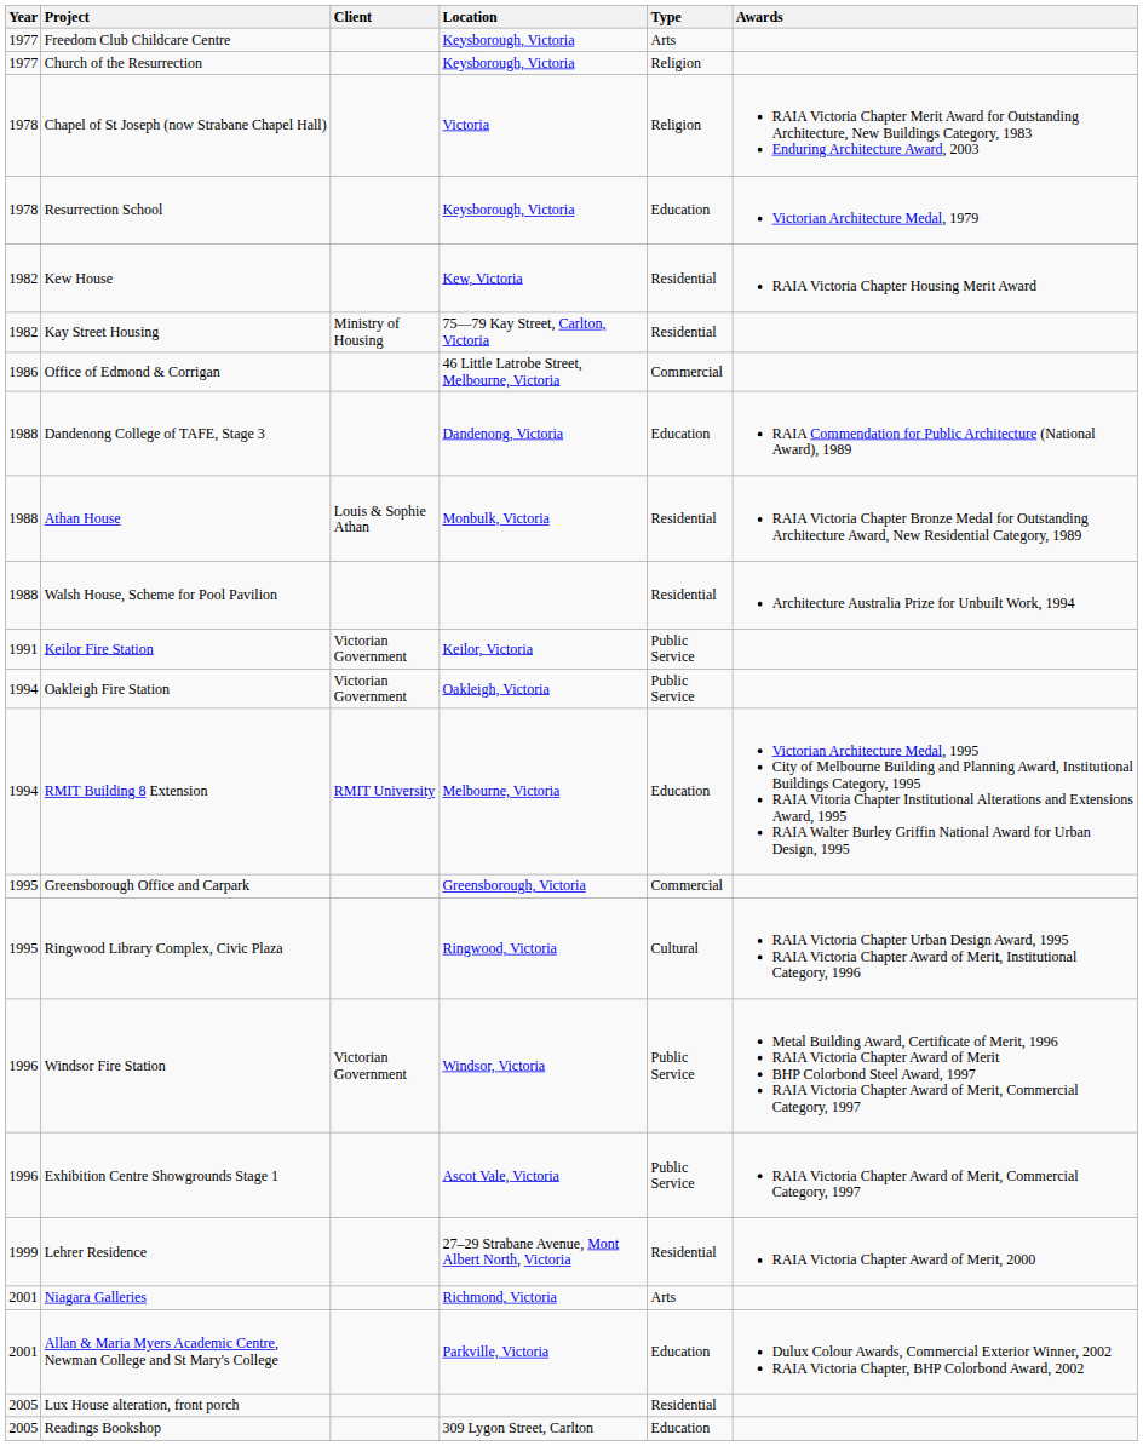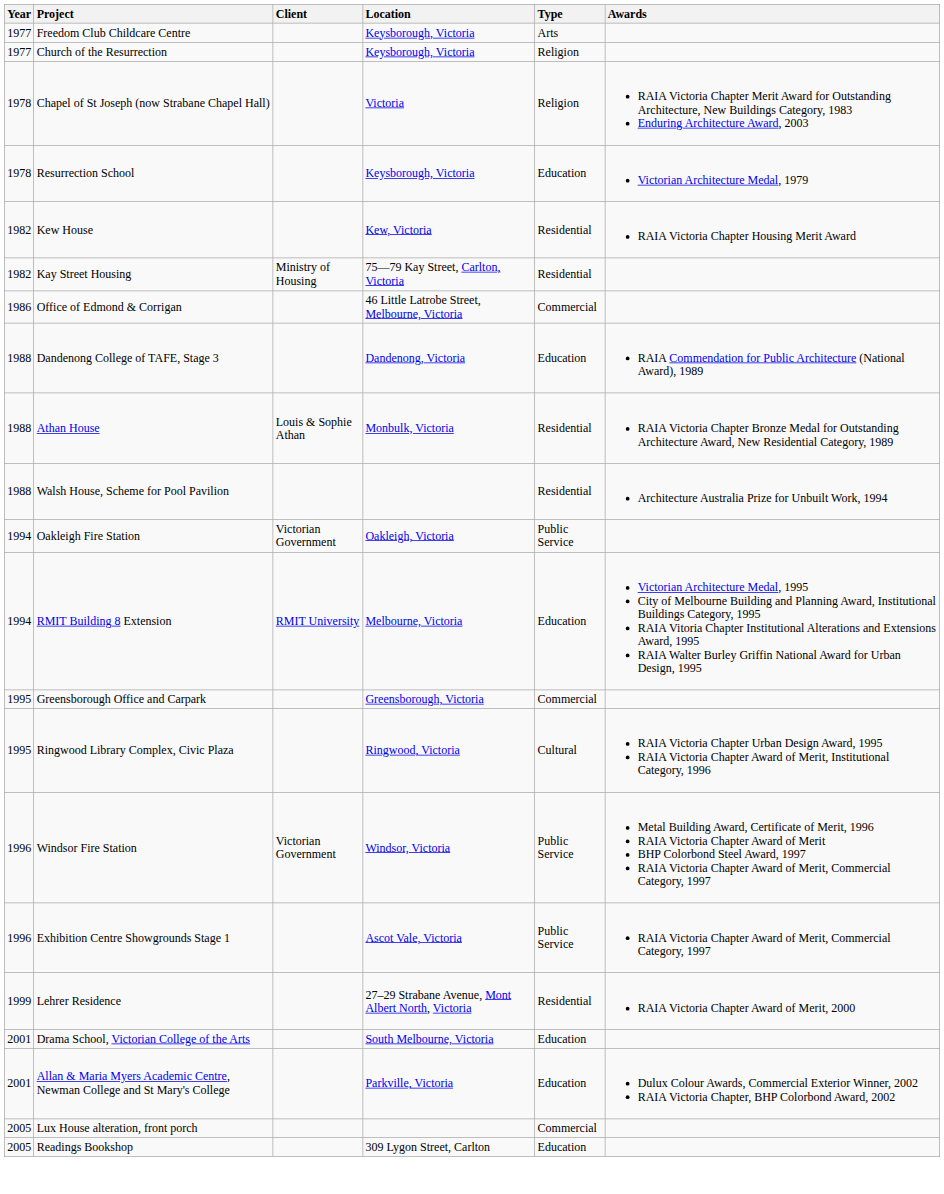 <table class="wikitable sortable">
 <tr>
 <th style="text-align:left;">Year</th>
 <th style="text-align:left;">Project</th>
 <th style="text-align:left;">Client</th>
 <th style="text-align:left;">Location</th>
 <th style="text-align:left;">Type</th>
 <th style="text-align:left;">Awards</th>
 </tr>
 <tr>
 <td>1977</td>
 <td style="text-align:left;">Freedom Club Childcare Centre</td>
 <td style="text-align:left;"></td>
 <td><a href='#'>Keysborough, Victoria</a></td>
 <td>Arts</td>
 <td></td>
 </tr>
 <tr>
 <td>1977</td>
 <td style="text-align:left;">Church of the Resurrection</td>
 <td style="text-align:left;"></td>
 <td><a href='#'>Keysborough, Victoria</a></td>
 <td>Religion</td>
 <td></td>
 </tr>
 <tr>
 <td>1978</td>
 <td style="text-align:left;">Chapel of St Joseph (now Strabane Chapel Hall)</td>
 <td style="text-align:left;"></td>
 <td><a href='#'>Victoria</a></td>
 <td>Religion</td>
 <td><br><ul><li>RAIA Victoria Chapter Merit Award for Outstanding Architecture, New Buildings Category, 1983</li><li><a href='#'>Enduring Architecture Award</a>, 2003</li></ul></td>
 </tr>
 <tr>
 <td>1978</td>
 <td style="text-align:left;">Resurrection School</td>
 <td style="text-align:left;"></td>
 <td><a href='#'>Keysborough, Victoria</a></td>
 <td>Education</td>
 <td><br><ul><li><a href='#'>Victorian Architecture Medal</a>, 1979</li></ul></td>
 </tr>
 <tr>
 <td>1982</td>
 <td style="text-align:left;">Kew House</td>
 <td style="text-align:left;"></td>
 <td><a href='#'>Kew, Victoria</a></td>
 <td>Residential</td>
 <td><br><ul><li>RAIA Victoria Chapter Housing Merit Award</li></ul></td>
 </tr>
 <tr>
 <td>1982</td>
 <td Ministry of Housing>Kay Street Housing</td>
 <td style="text-align:left;">Ministry of Housing</td>
 <td>75—79 Kay Street, <a href='#'>Carlton, Victoria</a></td>
 <td>Residential</td>
 <td></td>
 </tr>
 <tr>
 <td>1986</td>
 <td style="text-align:left;">Office of Edmond & Corrigan</td>
 <td style="text-align:left;"></td>
 <td>46 Little Latrobe Street, <a href='#'>Melbourne, Victoria</a></td>
 <td>Commercial</td>
 <td></td>
 </tr>
 <tr>
 <td>1988</td>
 <td style="text-align:left;">Dandenong College of TAFE, Stage 3</td>
 <td style="text-align:left;"></td>
 <td><a href='#'>Dandenong, Victoria</a></td>
 <td>Education</td>
 <td><br><ul><li>RAIA <a href='#'>Commendation for Public Architecture</a> (National Award), 1989</li></ul></td>
 </tr>
 <tr>
 <td>1988</td>
 <td style="text-align:left;"><a href='#'>Athan House</a></td>
 <td style="text-align:left;">Louis & Sophie Athan</td>
 <td><a href='#'>Monbulk, Victoria</a></td>
 <td>Residential</td>
 <td><br><ul><li>RAIA Victoria Chapter Bronze Medal for Outstanding Architecture Award, New Residential Category, 1989</li></ul></td>
 </tr>
 <tr>
 <td>1988</td>
 <td style="text-align:left;">Walsh House, Scheme for Pool Pavilion</td>
 <td style="text-align:left;"></td>
 <td></td>
 <td>Residential</td>
 <td><br><ul><li>Architecture Australia Prize for Unbuilt Work, 1994</li></ul></td>
 </tr>
 <tr>
-<td>1991</td>
-<td style="text-align:left;"><a href='#'>Keilor Fire Station</a></td>
-<td style="text-align:left;">Victorian Government</td>
-<td><a href='#'>Keilor, Victoria</a></td>
-<td>Public Service</td>
-<td></td>
-</tr>
-<tr>
 <td>1994</td>
 <td style="text-align:left;">Oakleigh Fire Station</td>
 <td style="text-align:left;">Victorian Government</td>
 <td><a href='#'>Oakleigh, Victoria</a></td>
 <td>Public Service</td>
 <td></td>
 </tr>
 <tr>
 <td>1994</td>
 <td style="text-align:left;"><a href='#'>RMIT Building 8</a> Extension</td>
 <td style="text-align:left;"><a href='#'>RMIT University</a></td>
 <td><a href='#'>Melbourne, Victoria</a></td>
 <td>Education</td>
 <td><br><ul><li><a href='#'>Victorian Architecture Medal</a>, 1995</li><li>City of Melbourne Building and Planning Award, Institutional Buildings Category, 1995</li><li>RAIA Vitoria Chapter Institutional Alterations and Extensions Award, 1995</li><li>RAIA Walter Burley Griffin National Award for Urban Design, 1995</li></ul></td>
 </tr>
 <tr>
 <td>1995</td>
 <td style="text-align:left;">Greensborough Office and Carpark</td>
 <td style="text-align:left;"></td>
 <td><a href='#'>Greensborough, Victoria</a></td>
 <td>Commercial</td>
 <td></td>
 </tr>
 <tr>
 <td>1995</td>
 <td style="text-align:left;">Ringwood Library Complex, Civic Plaza</td>
 <td style="text-align:left;"></td>
 <td><a href='#'>Ringwood, Victoria</a></td>
 <td>Cultural</td>
 <td><br><ul><li>RAIA Victoria Chapter Urban Design Award, 1995</li><li>RAIA Victoria Chapter Award of Merit, Institutional Category, 1996</li></ul></td>
 </tr>
 <tr>
 <td>1996</td>
 <td style="text-align:left;">Windsor Fire Station</td>
 <td style="text-align:left;">Victorian Government</td>
 <td><a href='#'>Windsor, Victoria</a></td>
 <td>Public Service</td>
 <td><br><ul><li>Metal Building Award, Certificate of Merit, 1996</li><li>RAIA Victoria Chapter Award of Merit</li><li>BHP Colorbond Steel Award, 1997</li><li>RAIA Victoria Chapter Award of Merit, Commercial Category, 1997</li></ul></td>
 </tr>
 <tr>
 <td>1996</td>
 <td style="text-align:left;">Exhibition Centre Showgrounds Stage 1</td>
 <td style="text-align:left;"></td>
 <td><a href='#'>Ascot Vale, Victoria</a></td>
 <td>Public Service</td>
 <td><br><ul><li>RAIA Victoria Chapter Award of Merit, Commercial Category, 1997</li></ul></td>
 </tr>
 <tr>
 <td>1999</td>
 <td style="text-align:left;">Lehrer Residence</td>
 <td style="text-align:left;"></td>
 <td>27–29 Strabane Avenue, <a href='#'>Mont Albert North</a>, <a href='#'>Victoria</a></td>
 <td>Residential</td>
 <td><br><ul><li>RAIA Victoria Chapter Award of Merit, 2000</li></ul></td>
 </tr>
 <tr>
 <td>2001</td>
-<td style="text-align:left;"><a href='#'>Niagara Galleries</a></td>
+<td style="text-align:left;">Drama School, <a href='#'>Victorian College of the Arts</a></td>
 <td style="text-align:left;"></td>
-<td><a href='#'>Richmond, Victoria</a></td>
-<td>Arts</td>
+<td><a href='#'>South Melbourne, Victoria</a></td>
+<td>Education</td>
 <td></td>
 </tr>
 <tr>
 <td>2001</td>
 <td style="text-align:left;"><a href='#'>Allan & Maria Myers Academic Centre</a>, Newman College and St Mary's College</td>
 <td style="text-align:left;"></td>
 <td><a href='#'>Parkville, Victoria</a></td>
 <td>Education</td>
 <td><br><ul><li>Dulux Colour Awards, Commercial Exterior Winner, 2002</li><li>RAIA Victoria Chapter, BHP Colorbond Award, 2002</li></ul></td>
 </tr>
 <tr>
 <td>2005</td>
 <td style="text-align:left;">Lux House alteration, front porch</td>
 <td style="text-align:left;"></td>
 <td></td>
-<td>Residential</td>
+<td>Commercial</td>
 <td></td>
 </tr>
 <tr>
 <td>2005</td>
 <td style="text-align:left;">Readings Bookshop</td>
 <td style="text-align:left;"></td>
 <td>309 Lygon Street, Carlton</td>
 <td>Education</td>
 <td></td>
 </tr>
 </table>
